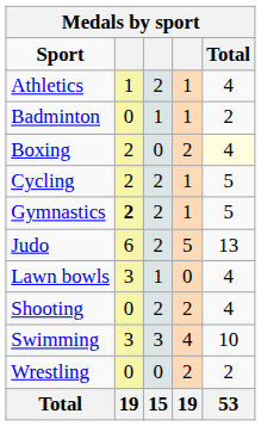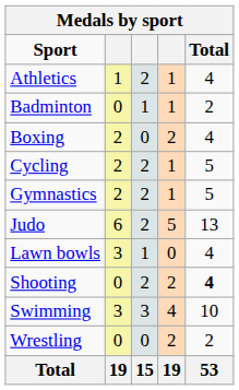 <table class="wikitable" style="float:right;">
 <tr>
 <th colspan=5>Medals by sport</th>
 </tr>
 <tr align=center>
 <td><strong>Sport</strong></td>
 <th bgcolor=#f7f6a8></th>
 <th bgcolor=#dce5e5></th>
 <th bgcolor=#ffdab9></th>
 <th>Total</th>
 </tr>
 <tr align=center>
 <td align=left><a href='#'>Athletics</a></td>
 <td bgcolor=#f7f6a8>1</td>
 <td bgcolor=#dce5e5>2</td>
 <td bgcolor=#ffdab9>1</td>
 <td>4</td>
 </tr>
 <tr align=center>
 <td align=left><a href='#'>Badminton</a></td>
 <td bgcolor=#f7f6a8>0</td>
 <td bgcolor=#dce5e5>1</td>
 <td bgcolor=#ffdab9>1</td>
 <td>2</td>
 </tr>
 <tr align=center>
 <td align=left><a href='#'>Boxing</a></td>
 <td bgcolor=#f7f6a8>2</td>
 <td bgcolor=#dce5e5>0</td>
 <td bgcolor=#ffdab9>2</td>
-<td style="background: lightyellow;">4</td>
+<td>4</td>
 </tr>
 <tr align=center>
 <td align=left><a href='#'>Cycling</a></td>
 <td bgcolor=#f7f6a8>2</td>
 <td bgcolor=#dce5e5>2</td>
 <td bgcolor=#ffdab9>1</td>
 <td>5</td>
 </tr>
 <tr align=center>
 <td align=left><a href='#'>Gymnastics</a></td>
-<td bgcolor=#f7f6a8><strong>2</strong></td>
+<td bgcolor=#f7f6a8>2</td>
 <td bgcolor=#dce5e5>2</td>
 <td bgcolor=#ffdab9>1</td>
 <td>5</td>
 </tr>
 <tr align=center>
 <td align=left><a href='#'>Judo</a></td>
 <td bgcolor=#f7f6a8>6</td>
 <td bgcolor=#dce5e5>2</td>
 <td bgcolor=#ffdab9>5</td>
 <td>13</td>
 </tr>
 <tr align=center>
 <td align=left><a href='#'>Lawn bowls</a></td>
 <td bgcolor=#f7f6a8>3</td>
 <td bgcolor=#dce5e5>1</td>
 <td bgcolor=#ffdab9>0</td>
 <td>4</td>
 </tr>
 <tr align=center>
 <td align=left><a href='#'>Shooting</a></td>
 <td bgcolor=#f7f6a8>0</td>
 <td bgcolor=#dce5e5>2</td>
 <td bgcolor=#ffdab9>2</td>
-<td>4</td>
+<td><strong>4</strong></td>
 </tr>
 <tr align=center>
 <td align=left><a href='#'>Swimming</a></td>
 <td bgcolor=#f7f6a8>3</td>
 <td bgcolor=#dce5e5>3</td>
 <td bgcolor=#ffdab9>4</td>
 <td>10</td>
 </tr>
 <tr align=center>
 <td align=left><a href='#'>Wrestling</a></td>
 <td bgcolor=#f7f6a8>0</td>
 <td bgcolor=#dce5e5>0</td>
 <td bgcolor=#ffdab9>2</td>
 <td>2</td>
 </tr>
 <tr align=center>
 <th bgcolor=#efefef>Total</th>
 <th bgcolor=#f7f6a8>19</th>
 <th bgcolor=#dce5e5>15</th>
 <th bgcolor=#ffdab9>19</th>
 <th>53</th>
 </tr>
 </table>
